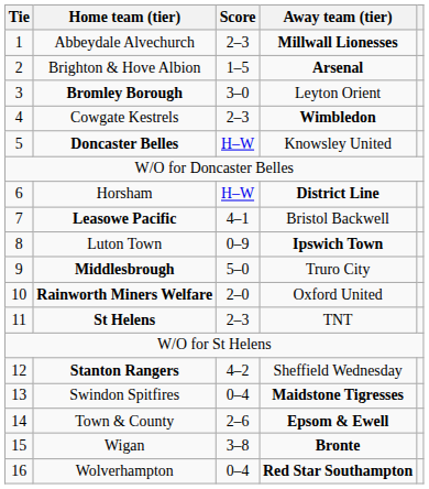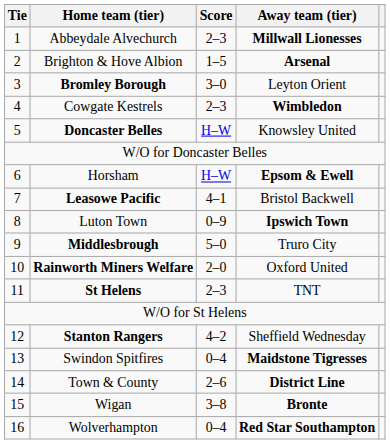 <table class="wikitable" style="text-align:center; font-size:85%">
 <tr>
 <th>Tie</th>
 <th>Home team (tier)</th>
 <th>Score</th>
 <th>Away team (tier)</th>
 <th></th>
 </tr>
 <tr>
 <td align="center">1</td>
 <td>Abbeydale Alvechurch</td>
 <td align="center">2–3</td>
 <td><strong>Millwall Lionesses</strong></td>
 <td></td>
 </tr>
 <tr>
 <td align="center">2</td>
 <td>Brighton & Hove Albion</td>
 <td align="center">1–5</td>
 <td><strong>Arsenal</strong></td>
 <td></td>
 </tr>
 <tr>
 <td align="center">3</td>
 <td><strong>Bromley Borough</strong></td>
 <td align="center">3–0</td>
 <td>Leyton Orient</td>
 <td></td>
 </tr>
 <tr>
 <td align="center">4</td>
 <td>Cowgate Kestrels</td>
 <td align="center">2–3</td>
 <td><strong>Wimbledon</strong></td>
 <td></td>
 </tr>
 <tr>
 <td align="center">5</td>
 <td><strong>Doncaster Belles</strong></td>
 <td align="center"><a href='#'>H–W</a></td>
 <td>Knowsley United</td>
 <td></td>
 </tr>
 <tr>
 <td colspan="5" align="center">W/O for Doncaster Belles</td>
 </tr>
 <tr>
 <td align="center">6</td>
 <td>Horsham</td>
 <td align="center"><a href='#'>H–W</a></td>
-<td><strong>District Line</strong></td>
+<td><strong>Epsom & Ewell</strong></td>
 <td></td>
 </tr>
 <tr>
 <td align="center">7</td>
 <td><strong>Leasowe Pacific</strong></td>
 <td align="center">4–1</td>
 <td>Bristol Backwell</td>
 <td></td>
 </tr>
 <tr>
 <td align="center">8</td>
 <td>Luton Town</td>
 <td align="center">0–9</td>
 <td><strong>Ipswich Town</strong></td>
 <td></td>
 </tr>
 <tr>
 <td align="center">9</td>
 <td><strong>Middlesbrough</strong></td>
 <td align="center">5–0</td>
 <td>Truro City</td>
 <td></td>
 </tr>
 <tr>
 <td align="center">10</td>
 <td><strong>Rainworth Miners Welfare</strong></td>
 <td align="center">2–0</td>
 <td>Oxford United</td>
 <td></td>
 </tr>
 <tr>
 <td align="center">11</td>
 <td><strong>St Helens</strong></td>
 <td align="center">2–3</td>
 <td>TNT</td>
 <td></td>
 </tr>
 <tr>
 <td colspan="5" align="center">W/O for St Helens</td>
 </tr>
 <tr>
 <td align="center">12</td>
 <td><strong>Stanton Rangers</strong></td>
 <td align="center">4–2</td>
 <td>Sheffield Wednesday</td>
 <td></td>
 </tr>
 <tr>
 <td align="center">13</td>
 <td>Swindon Spitfires</td>
 <td align="center">0–4</td>
 <td><strong>Maidstone Tigresses</strong></td>
 <td></td>
 </tr>
 <tr>
 <td align="center">14</td>
 <td>Town & County</td>
 <td align="center">2–6</td>
-<td><strong>Epsom & Ewell</strong></td>
+<td><strong>District Line</strong></td>
 <td></td>
 </tr>
 <tr>
 <td align="center">15</td>
 <td>Wigan</td>
 <td align="center">3–8</td>
 <td><strong>Bronte</strong></td>
 <td></td>
 </tr>
 <tr>
 <td align="center">16</td>
 <td>Wolverhampton</td>
 <td align="center">0–4</td>
 <td><strong>Red Star Southampton</strong></td>
 <td></td>
 </tr>
 </table>
